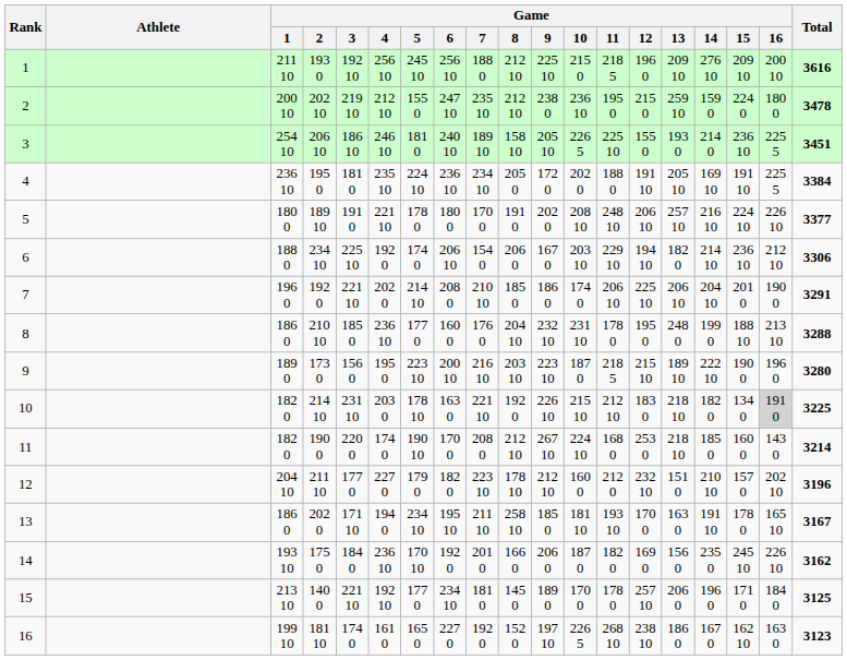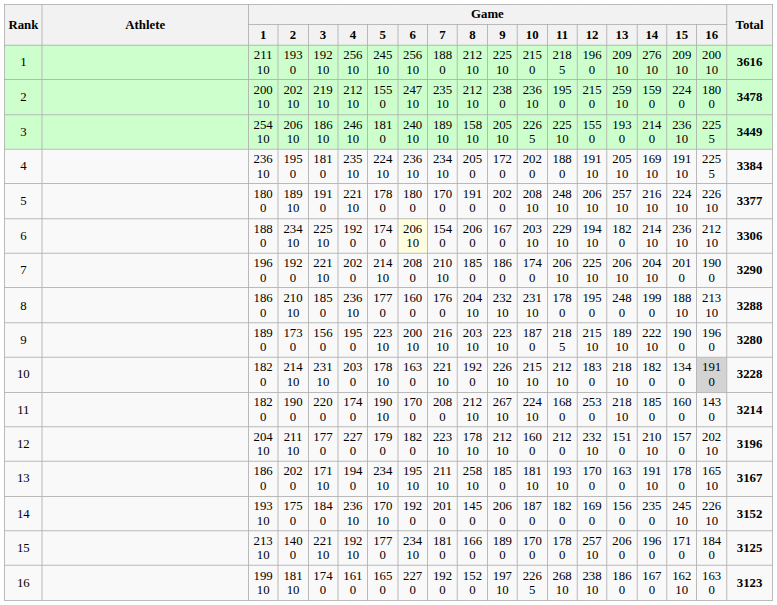 <table class=wikitable style="text-align:center">
 <tr>
 <th rowspan="2" width=40>Rank</th>
 <th rowspan="2" width=250>Athlete</th>
 <th colspan="16">Game</th>
 <th rowspan="2" width=50>Total</th>
 </tr>
 <tr>
 <th width=30>1</th>
 <th width=30>2</th>
 <th width=30>3</th>
 <th width=30>4</th>
 <th width=30>5</th>
 <th width=30>6</th>
 <th width=30>7</th>
 <th width=30>8</th>
 <th width=30>9</th>
 <th width=30>10</th>
 <th width=30>11</th>
 <th width=30>12</th>
 <th width=30>13</th>
 <th width=30>14</th>
 <th width=30>15</th>
 <th width=30>16</th>
 </tr>
 <tr bgcolor="#ccffcc">
 <td>1</td>
 <td align=left></td>
 <td>211<br>10</td>
 <td>193<br>0</td>
 <td>192<br>10</td>
 <td>256<br>10</td>
 <td>245<br>10</td>
 <td>256<br>10</td>
 <td>188<br>0</td>
 <td>212<br>10</td>
 <td>225<br>10</td>
 <td>215<br>0</td>
 <td>218<br>5</td>
 <td>196<br>0</td>
 <td>209<br>10</td>
 <td>276<br>10</td>
 <td>209<br>10</td>
 <td>200<br>10</td>
 <td><strong>3616</strong></td>
 </tr>
 <tr bgcolor="#ccffcc">
 <td>2</td>
 <td align=left></td>
 <td>200<br>10</td>
 <td>202<br>10</td>
 <td>219<br>10</td>
 <td>212<br>10</td>
 <td>155<br>0</td>
 <td>247<br>10</td>
 <td>235<br>10</td>
 <td>212<br>10</td>
 <td>238<br>0</td>
 <td>236<br>10</td>
 <td>195<br>0</td>
 <td>215<br>0</td>
 <td>259<br>10</td>
 <td>159<br>0</td>
 <td>224<br>0</td>
 <td>180<br>0</td>
 <td><strong>3478</strong></td>
 </tr>
 <tr bgcolor="#ccffcc">
 <td>3</td>
 <td align=left></td>
 <td>254<br>10</td>
 <td>206<br>10</td>
 <td>186<br>10</td>
 <td>246<br>10</td>
 <td>181<br>0</td>
 <td>240<br>10</td>
 <td>189<br>10</td>
 <td>158<br>10</td>
 <td>205<br>10</td>
 <td>226<br>5</td>
 <td>225<br>10</td>
 <td>155<br>0</td>
 <td>193<br>0</td>
 <td>214<br>0</td>
 <td>236<br>10</td>
 <td>225<br>5</td>
-<td><strong>3451</strong></td>
+<td><strong>3449</strong></td>
 </tr>
 <tr>
 <td>4</td>
 <td align=left></td>
 <td>236<br>10</td>
 <td>195<br>0</td>
 <td>181<br>0</td>
 <td>235<br>10</td>
 <td>224<br>10</td>
 <td>236<br>10</td>
 <td>234<br>10</td>
 <td>205<br>0</td>
 <td>172<br>0</td>
 <td>202<br>0</td>
 <td>188<br>0</td>
 <td>191<br>10</td>
 <td>205<br>10</td>
 <td>169<br>10</td>
 <td>191<br>10</td>
 <td>225<br>5</td>
 <td><strong>3384</strong></td>
 </tr>
 <tr>
 <td>5</td>
 <td align=left></td>
 <td>180<br>0</td>
 <td>189<br>10</td>
 <td>191<br>0</td>
 <td>221<br>10</td>
 <td>178<br>0</td>
 <td>180<br>0</td>
 <td>170<br>0</td>
 <td>191<br>0</td>
 <td>202<br>0</td>
 <td>208<br>10</td>
 <td>248<br>10</td>
 <td>206<br>10</td>
 <td>257<br>10</td>
 <td>216<br>10</td>
 <td>224<br>10</td>
 <td>226<br>10</td>
 <td><strong>3377</strong></td>
 </tr>
 <tr>
 <td>6</td>
 <td align=left></td>
 <td>188<br>0</td>
 <td>234<br>10</td>
 <td>225<br>10</td>
 <td>192<br>0</td>
 <td>174<br>0</td>
-<td>206<br>10</td>
+<td style="background: lightyellow;">206<br>10</td>
 <td>154<br>0</td>
 <td>206<br>0</td>
 <td>167<br>0</td>
 <td>203<br>10</td>
 <td>229<br>10</td>
 <td>194<br>10</td>
 <td>182<br>0</td>
 <td>214<br>10</td>
 <td>236<br>10</td>
 <td>212<br>10</td>
 <td><strong>3306</strong></td>
 </tr>
 <tr>
 <td>7</td>
 <td align=left></td>
 <td>196<br>0</td>
 <td>192<br>0</td>
 <td>221<br>10</td>
 <td>202<br>0</td>
 <td>214<br>10</td>
 <td>208<br>0</td>
 <td>210<br>10</td>
 <td>185<br>0</td>
 <td>186<br>0</td>
 <td>174<br>0</td>
 <td>206<br>10</td>
 <td>225<br>10</td>
 <td>206<br>10</td>
 <td>204<br>10</td>
 <td>201<br>0</td>
 <td>190<br>0</td>
-<td><strong>3291</strong></td>
+<td><strong>3290</strong></td>
 </tr>
 <tr>
 <td>8</td>
 <td align=left></td>
 <td>186<br>0</td>
 <td>210<br>10</td>
 <td>185<br>0</td>
 <td>236<br>10</td>
 <td>177<br>0</td>
 <td>160<br>0</td>
 <td>176<br>0</td>
 <td>204<br>10</td>
 <td>232<br>10</td>
 <td>231<br>10</td>
 <td>178<br>0</td>
 <td>195<br>0</td>
 <td>248<br>0</td>
 <td>199<br>0</td>
 <td>188<br>10</td>
 <td>213<br>10</td>
 <td><strong>3288</strong></td>
 </tr>
 <tr>
 <td>9</td>
 <td align=left></td>
 <td>189<br>0</td>
 <td>173<br>0</td>
 <td>156<br>0</td>
 <td>195<br>0</td>
 <td>223<br>10</td>
 <td>200<br>10</td>
 <td>216<br>10</td>
 <td>203<br>10</td>
 <td>223<br>10</td>
 <td>187<br>0</td>
 <td>218<br>5</td>
 <td>215<br>10</td>
 <td>189<br>10</td>
 <td>222<br>10</td>
 <td>190<br>0</td>
 <td>196<br>0</td>
 <td><strong>3280</strong></td>
 </tr>
 <tr>
 <td>10</td>
 <td align=left></td>
 <td>182<br>0</td>
 <td>214<br>10</td>
 <td>231<br>10</td>
 <td>203<br>0</td>
 <td>178<br>10</td>
 <td>163<br>0</td>
 <td>221<br>10</td>
 <td>192<br>0</td>
 <td>226<br>10</td>
 <td>215<br>10</td>
 <td>212<br>10</td>
 <td>183<br>0</td>
 <td>218<br>10</td>
 <td>182<br>0</td>
 <td>134<br>0</td>
 <td style="background: lightgrey;">191<br>0</td>
-<td><strong>3225</strong></td>
+<td><strong>3228</strong></td>
 </tr>
 <tr>
 <td>11</td>
 <td align=left></td>
 <td>182<br>0</td>
 <td>190<br>0</td>
 <td>220<br>0</td>
 <td>174<br>0</td>
 <td>190<br>10</td>
 <td>170<br>0</td>
 <td>208<br>0</td>
 <td>212<br>10</td>
 <td>267<br>10</td>
 <td>224<br>10</td>
 <td>168<br>0</td>
 <td>253<br>0</td>
 <td>218<br>10</td>
 <td>185<br>0</td>
 <td>160<br>0</td>
 <td>143<br>0</td>
 <td><strong>3214</strong></td>
 </tr>
 <tr>
 <td>12</td>
 <td align=left></td>
 <td>204<br>10</td>
 <td>211<br>10</td>
 <td>177<br>0</td>
 <td>227<br>0</td>
 <td>179<br>0</td>
 <td>182<br>0</td>
 <td>223<br>10</td>
 <td>178<br>10</td>
 <td>212<br>10</td>
 <td>160<br>0</td>
 <td>212<br>0</td>
 <td>232<br>10</td>
 <td>151<br>0</td>
 <td>210<br>10</td>
 <td>157<br>0</td>
 <td>202<br>10</td>
 <td><strong>3196</strong></td>
 </tr>
 <tr>
 <td>13</td>
 <td align=left></td>
 <td>186<br>0</td>
 <td>202<br>0</td>
 <td>171<br>10</td>
 <td>194<br>0</td>
 <td>234<br>10</td>
 <td>195<br>10</td>
 <td>211<br>10</td>
 <td>258<br>10</td>
 <td>185<br>0</td>
 <td>181<br>10</td>
 <td>193<br>10</td>
 <td>170<br>0</td>
 <td>163<br>0</td>
 <td>191<br>10</td>
 <td>178<br>0</td>
 <td>165<br>10</td>
 <td><strong>3167</strong></td>
 </tr>
 <tr>
 <td>14</td>
 <td align=left></td>
 <td>193<br>10</td>
 <td>175<br>0</td>
 <td>184<br>0</td>
 <td>236<br>10</td>
 <td>170<br>10</td>
 <td>192<br>0</td>
 <td>201<br>0</td>
-<td>166<br>0</td>
+<td>145<br>0</td>
 <td>206<br>0</td>
 <td>187<br>0</td>
 <td>182<br>0</td>
 <td>169<br>0</td>
 <td>156<br>0</td>
 <td>235<br>0</td>
 <td>245<br>10</td>
 <td>226<br>10</td>
-<td><strong>3162</strong></td>
+<td><strong>3152</strong></td>
 </tr>
 <tr>
 <td>15</td>
 <td align=left></td>
 <td>213<br>10</td>
 <td>140<br>0</td>
 <td>221<br>10</td>
 <td>192<br>10</td>
 <td>177<br>0</td>
 <td>234<br>10</td>
 <td>181<br>0</td>
-<td>145<br>0</td>
+<td>166<br>0</td>
 <td>189<br>0</td>
 <td>170<br>0</td>
 <td>178<br>0</td>
 <td>257<br>10</td>
 <td>206<br>0</td>
 <td>196<br>0</td>
 <td>171<br>0</td>
 <td>184<br>0</td>
 <td><strong>3125</strong></td>
 </tr>
 <tr>
 <td>16</td>
 <td align=left></td>
 <td>199<br>10</td>
 <td>181<br>10</td>
 <td>174<br>0</td>
 <td>161<br>0</td>
 <td>165<br>0</td>
 <td>227<br>0</td>
 <td>192<br>0</td>
 <td>152<br>0</td>
 <td>197<br>10</td>
 <td>226<br>5</td>
 <td>268<br>10</td>
 <td>238<br>10</td>
 <td>186<br>0</td>
 <td>167<br>0</td>
 <td>162<br>10</td>
 <td>163<br>0</td>
 <td><strong>3123</strong></td>
 </tr>
 </table>
